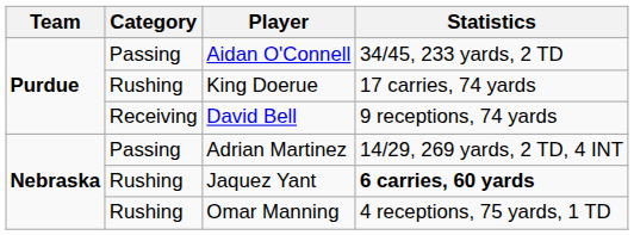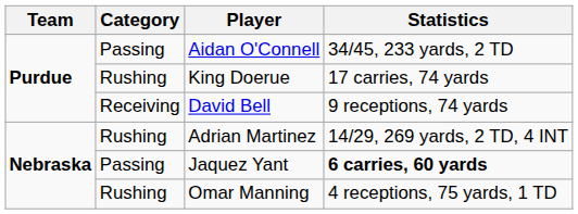 <table class="wikitable" style="float: right;">
 <tr>
 <th>Team</th>
 <th>Category</th>
 <th>Player</th>
 <th>Statistics</th>
 </tr>
 <tr>
 <td rowspan=3><strong>Purdue</strong></td>
 <td>Passing</td>
 <td><a href='#'>Aidan O'Connell</a></td>
 <td>34/45, 233 yards, 2 TD</td>
 </tr>
 <tr>
 <td>Rushing</td>
 <td>King Doerue</td>
 <td>17 carries, 74 yards</td>
 </tr>
 <tr>
 <td>Receiving</td>
 <td><a href='#'>David Bell</a></td>
 <td>9 receptions, 74 yards</td>
 </tr>
 <tr>
 <td rowspan=3><strong>Nebraska</strong></td>
-<td>Passing</td>
+<td>Rushing</td>
 <td>Adrian Martinez</td>
 <td>14/29, 269 yards, 2 TD, 4 INT</td>
 </tr>
 <tr>
-<td>Rushing</td>
+<td>Passing</td>
 <td>Jaquez Yant</td>
 <td><strong>6 carries, 60 yards</strong></td>
 </tr>
 <tr>
 <td>Rushing</td>
 <td>Omar Manning</td>
 <td>4 receptions, 75 yards, 1 TD</td>
 </tr>
 </table>
